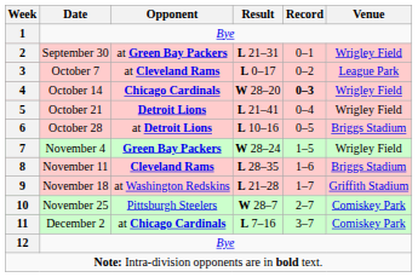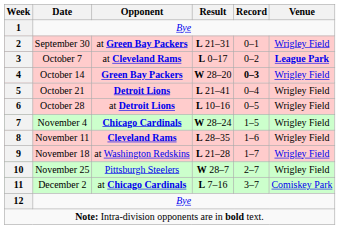 <table class="wikitable" style="text-align:center">
 <tr>
 <th>Week</th>
 <th>Date</th>
 <th>Opponent</th>
 <th>Result</th>
 <th>Record</th>
 <th>Venue</th>
 </tr>
 <tr>
 <th>1</th>
 <td colspan="7"><em><a href='#'>Bye</a></em></td>
 </tr>
 <tr style="background:#fcc">
 <th>2</th>
 <td>September 30</td>
 <td>at <strong><a href='#'>Green Bay Packers</a></strong></td>
 <td><strong>L</strong> 21–31</td>
 <td>0–1</td>
 <td><a href='#'>Wrigley Field</a></td>
 </tr>
 <tr style="background:#fcc">
 <th>3</th>
 <td>October 7</td>
 <td>at <strong><a href='#'>Cleveland Rams</a></strong></td>
 <td><strong>L</strong> 0–17</td>
 <td>0–2</td>
-<td><a href='#'>League Park</a></td>
+<td><strong><a href='#'>League Park</a></strong></td>
 </tr>
 <tr style="background:#fcc">
 <th>4</th>
 <td>October 14</td>
-<td><strong><a href='#'>Chicago Cardinals</a></strong></td>
+<td><strong><a href='#'>Green Bay Packers</a></strong></td>
 <td><strong>W</strong> 28–20</td>
 <td><strong>0–3</strong></td>
 <td><a href='#'>Wrigley Field</a></td>
 </tr>
 <tr style="background:#fcc">
 <th>5</th>
 <td>October 21</td>
 <td><strong><a href='#'>Detroit Lions</a></strong></td>
 <td><strong>L</strong> 21–41</td>
 <td>0–4</td>
 <td>Wrigley Field</td>
 </tr>
 <tr style="background:#fcc">
 <th>6</th>
 <td>October 28</td>
 <td>at <strong><a href='#'>Detroit Lions</a></strong></td>
 <td><strong>L</strong> 10–16</td>
 <td>0–5</td>
-<td><a href='#'>Briggs Stadium</a></td>
+<td>Wrigley Field</td>
 </tr>
 <tr style="background:#cfc">
 <th>7</th>
 <td>November 4</td>
-<td><strong><a href='#'>Green Bay Packers</a></strong></td>
+<td><strong><a href='#'>Chicago Cardinals</a></strong></td>
 <td><strong>W</strong> 28–24</td>
 <td>1–5</td>
 <td>Wrigley Field</td>
 </tr>
 <tr style="background:#fcc">
 <th>8</th>
 <td>November 11</td>
 <td><strong><a href='#'>Cleveland Rams</a></strong></td>
 <td><strong>L</strong> 28–35</td>
 <td>1–6</td>
-<td><a href='#'>Briggs Stadium</a></td>
+<td>Wrigley Field</td>
 </tr>
 <tr style="background:#fcc">
 <th>9</th>
 <td>November 18</td>
 <td>at <a href='#'>Washington Redskins</a></td>
 <td><strong>L</strong> 21–28</td>
 <td>1–7</td>
-<td><a href='#'>Griffith Stadium</a></td>
+<td><a href='#'>Wrigley Field</a></td>
 </tr>
 <tr style="background:#cfc">
 <th>10</th>
 <td>November 25</td>
 <td><a href='#'>Pittsburgh Steelers</a></td>
 <td><strong>W</strong> 28–7</td>
 <td>2–7</td>
-<td><a href='#'>Comiskey Park</a></td>
+<td>Wrigley Field</td>
 </tr>
 <tr style="background:#cfc">
 <th>11</th>
 <td>December 2</td>
 <td>at <strong><a href='#'>Chicago Cardinals</a></strong></td>
 <td><strong>L</strong> 7–16</td>
 <td>3–7</td>
 <td><a href='#'>Comiskey Park</a></td>
 </tr>
 <tr>
 <th>12</th>
 <td colspan="7"><em><a href='#'>Bye</a></em></td>
 </tr>
 <tr>
 <td colspan="8"><strong>Note:</strong> Intra-division opponents are in <strong>bold</strong> text.</td>
 </tr>
 </table>
